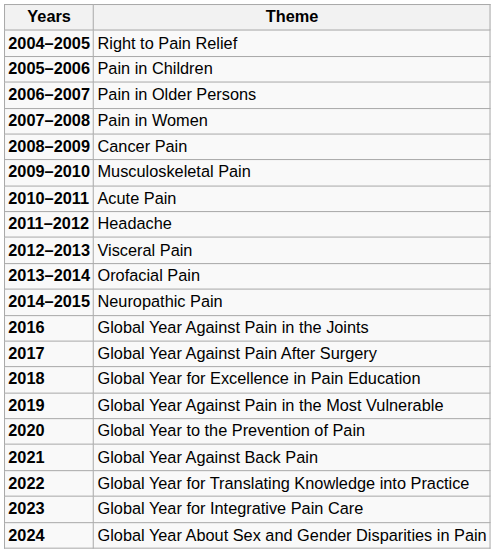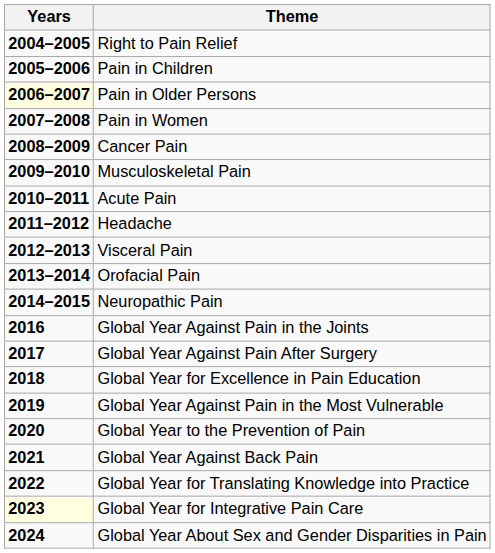 <table class="wikitable">
 <tr>
 <th>Years</th>
 <th>Theme</th>
 </tr>
 <tr>
 <td><strong>2004–2005</strong></td>
 <td>Right to Pain Relief</td>
 </tr>
 <tr>
 <td><strong>2005–2006</strong></td>
 <td>Pain in Children</td>
 </tr>
 <tr>
-<td><strong>2006–2007</strong></td>
+<td style="background: lightyellow;"><strong>2006–2007</strong></td>
 <td>Pain in Older Persons</td>
 </tr>
 <tr>
 <td><strong>2007–2008</strong></td>
 <td>Pain in Women</td>
 </tr>
 <tr>
 <td><strong>2008–2009</strong></td>
 <td>Cancer Pain</td>
 </tr>
 <tr>
 <td><strong>2009–2010</strong></td>
 <td>Musculoskeletal Pain</td>
 </tr>
 <tr>
 <td><strong>2010–2011</strong></td>
 <td>Acute Pain</td>
 </tr>
 <tr>
 <td><strong>2011–2012</strong></td>
 <td>Headache</td>
 </tr>
 <tr>
 <td><strong>2012–2013</strong></td>
 <td>Visceral Pain</td>
 </tr>
 <tr>
 <td><strong>2013–2014</strong></td>
 <td>Orofacial Pain</td>
 </tr>
 <tr>
 <td><strong>2014–2015</strong></td>
 <td>Neuropathic Pain</td>
 </tr>
 <tr>
 <td><strong>2016</strong></td>
 <td>Global Year Against Pain in the Joints</td>
 </tr>
 <tr>
 <td><strong>2017</strong></td>
 <td>Global Year Against Pain After Surgery</td>
 </tr>
 <tr>
 <td><strong>2018</strong></td>
 <td>Global Year for Excellence in Pain Education</td>
 </tr>
 <tr>
 <td><strong>2019</strong></td>
 <td>Global Year Against Pain in the Most Vulnerable</td>
 </tr>
 <tr>
 <td><strong>2020</strong></td>
 <td>Global Year to the Prevention of Pain</td>
 </tr>
 <tr>
 <td><strong>2021</strong></td>
 <td>Global Year Against Back Pain</td>
 </tr>
 <tr>
 <td><strong>2022</strong></td>
 <td>Global Year for Translating Knowledge into Practice</td>
 </tr>
 <tr>
-<td><strong>2023</strong></td>
+<td style="background: lightyellow;"><strong>2023</strong></td>
 <td>Global Year for Integrative Pain Care</td>
 </tr>
 <tr>
 <td><strong>2024</strong></td>
 <td>Global Year About Sex and Gender Disparities in Pain</td>
 </tr>
 </table>
